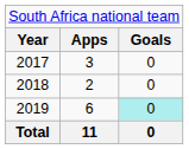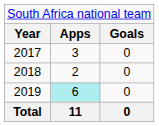 <table class="wikitable" style="text-align:center">
 <tr>
 <td colspan="3"><a href='#'>South Africa national team</a></td>
 </tr>
 <tr>
 <th>Year</th>
 <th>Apps</th>
 <th>Goals</th>
 </tr>
 <tr>
 <td>2017</td>
 <td>3</td>
 <td>0</td>
 </tr>
 <tr>
 <td>2018</td>
 <td>2</td>
 <td>0</td>
 </tr>
 <tr>
 <td>2019</td>
-<td>6</td>
-<td style="background: paleturquoise;">0</td>
+<td style="background: paleturquoise;">6</td>
+<td>0</td>
 </tr>
 <tr>
 <th>Total</th>
 <th>11</th>
 <th>0</th>
 </tr>
 </table>
